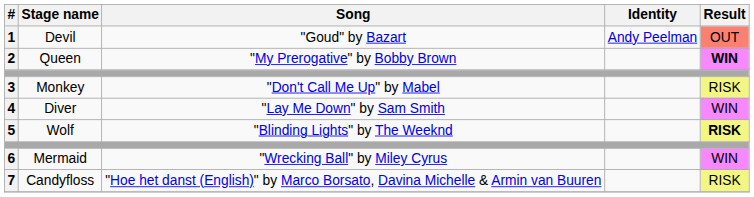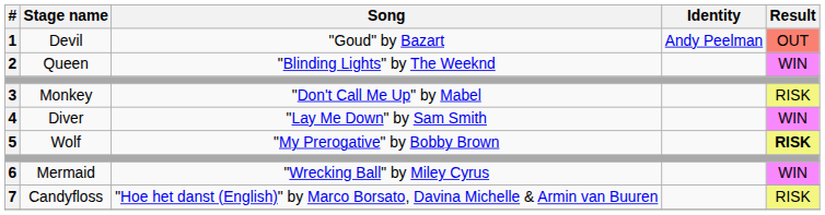 <table class="wikitable plainrowheaders" style="text-align: center;">
 <tr>
 <th>#</th>
 <th>Stage name</th>
 <th>Song</th>
 <th>Identity</th>
 <th>Result</th>
 </tr>
 <tr>
 <th>1</th>
 <td>Devil</td>
 <td>"Goud" by <a href='#'>Bazart</a></td>
 <td><a href='#'>Andy Peelman</a></td>
 <td bgcolor=salmon>OUT</td>
 </tr>
 <tr>
 <th>2</th>
 <td>Queen</td>
-<td>"<a href='#'>My Prerogative</a>" by <a href='#'>Bobby Brown</a></td>
+<td>"<a href='#'>Blinding Lights</a>" by <a href='#'>The Weeknd</a></td>
 <td></td>
-<td bgcolor=#F888FD><strong>WIN</strong></td>
+<td bgcolor=#F888FD>WIN</td>
 </tr>
 <tr>
 <td colspan="5" style="background:darkgray"></td>
 </tr>
 <tr>
 <th>3</th>
 <td>Monkey</td>
 <td>"<a href='#'>Don't Call Me Up</a>" by <a href='#'>Mabel</a></td>
 <td></td>
 <td bgcolor="#F3F781">RISK</td>
 </tr>
 <tr>
 <th>4</th>
 <td>Diver</td>
 <td>"<a href='#'>Lay Me Down</a>" by <a href='#'>Sam Smith</a></td>
 <td></td>
 <td bgcolor=#F888FD>WIN</td>
 </tr>
 <tr>
 <th>5</th>
 <td>Wolf</td>
-<td>"<a href='#'>Blinding Lights</a>" by <a href='#'>The Weeknd</a></td>
+<td>"<a href='#'>My Prerogative</a>" by <a href='#'>Bobby Brown</a></td>
 <td></td>
 <td bgcolor="#F3F781"><strong>RISK</strong></td>
 </tr>
 <tr>
 <td colspan="5" style="background:darkgray"></td>
 </tr>
 <tr>
 <th>6</th>
 <td>Mermaid</td>
 <td>"<a href='#'>Wrecking Ball</a>" by <a href='#'>Miley Cyrus</a></td>
 <td></td>
 <td bgcolor=#F888FD>WIN</td>
 </tr>
 <tr>
 <th>7</th>
 <td>Candyfloss</td>
 <td>"<a href='#'>Hoe het danst (English)</a>" by <a href='#'>Marco Borsato</a>, <a href='#'>Davina Michelle</a> & <a href='#'>Armin van Buuren</a></td>
 <td></td>
 <td bgcolor="#F3F781">RISK</td>
 </tr>
 <tr>
 </tr>
 </table>
